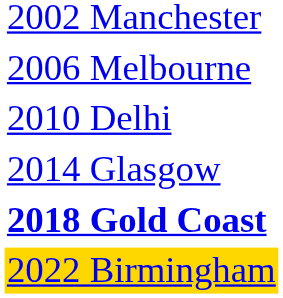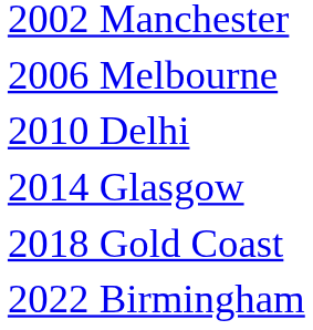 <table>
 <tr>
 <td><a href='#'>2002 Manchester</a><br></td>
 <td></td>
 <td></td>
 <td></td>
 </tr>
 <tr>
 <td><a href='#'>2006 Melbourne</a><br></td>
 <td></td>
 <td></td>
 <td></td>
 </tr>
 <tr>
 <td><a href='#'>2010 Delhi</a><br></td>
 <td></td>
 <td></td>
 <td><br></td>
 </tr>
 <tr>
 <td><a href='#'>2014 Glasgow</a><br></td>
 <td></td>
 <td></td>
 <td></td>
 </tr>
 <tr>
-<td><strong><a href='#'>2018 Gold Coast</a><br></strong></td>
+<td><a href='#'>2018 Gold Coast</a><br></td>
 <td></td>
 <td></td>
 <td></td>
 </tr>
 <tr>
-<td style="background: gold;"><a href='#'>2022 Birmingham</a><br></td>
+<td><a href='#'>2022 Birmingham</a><br></td>
 <td></td>
 <td></td>
 <td></td>
 </tr>
 </table>
